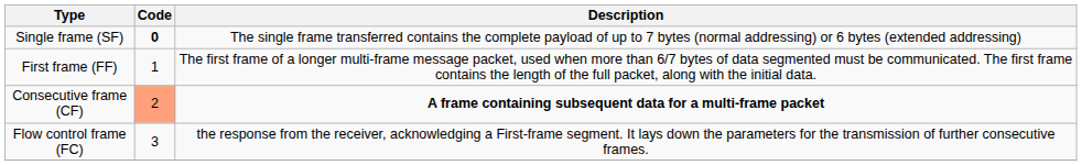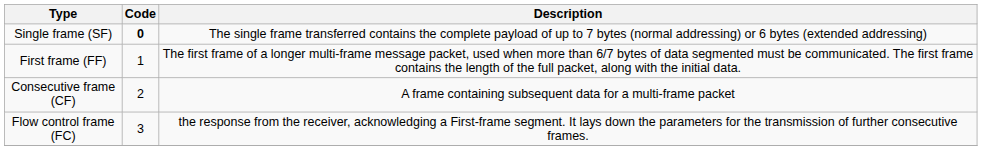 <table class="wikitable" style="text-align:center">
 <tr>
 <th>Type</th>
 <th>Code</th>
 <th>Description</th>
 </tr>
 <tr>
 <td>Single frame (SF)</td>
 <td><strong>0</strong></td>
 <td>The single frame transferred contains the complete payload of up to 7 bytes (normal addressing) or 6 bytes (extended addressing)</td>
 </tr>
 <tr>
 <td>First frame (FF)</td>
 <td>1</td>
 <td>The first frame of a longer multi-frame message packet, used when more than 6/7 bytes of data segmented must be communicated. The first frame contains the length of the full packet, along with the initial data.</td>
 </tr>
 <tr>
 <td>Consecutive frame (CF)</td>
-<td style="background: lightsalmon;">2</td>
-<td><strong>A frame containing subsequent data for a multi-frame packet</strong></td>
+<td>2</td>
+<td>A frame containing subsequent data for a multi-frame packet</td>
 </tr>
 <tr>
 <td>Flow control frame (FC)</td>
 <td>3</td>
 <td>the response from the receiver, acknowledging a First-frame segment. It lays down the parameters for the transmission of further consecutive frames.</td>
 </tr>
 <tr>
 </tr>
 </table>
